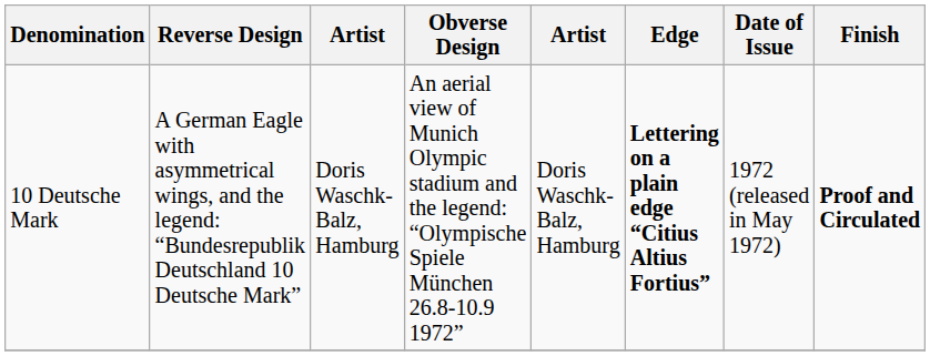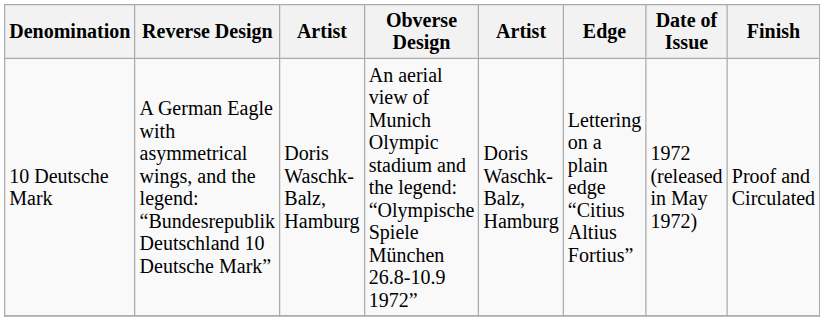 <table class="wikitable">
 <tr>
 <th>Denomination</th>
 <th>Reverse Design</th>
 <th>Artist</th>
 <th>Obverse Design</th>
 <th>Artist</th>
 <th>Edge</th>
 <th>Date of Issue</th>
 <th>Finish</th>
 </tr>
 <tr>
 <td>10 Deutsche Mark</td>
 <td>A German Eagle with asymmetrical wings, and the legend: “Bundesrepublik Deutschland 10 Deutsche Mark”</td>
 <td>Doris Waschk-Balz, Hamburg</td>
 <td>An aerial view of Munich Olympic stadium and the legend: “Olympische Spiele München 26.8-10.9 1972”</td>
 <td>Doris Waschk-Balz, Hamburg</td>
-<td><strong>Lettering on a plain edge “Citius Altius Fortius”</strong></td>
+<td>Lettering on a plain edge “Citius Altius Fortius”</td>
 <td>1972 (released in May 1972)</td>
-<td><strong>Proof and Circulated</strong></td>
+<td>Proof and Circulated</td>
 </tr>
 <tr>
 </tr>
 </table>
